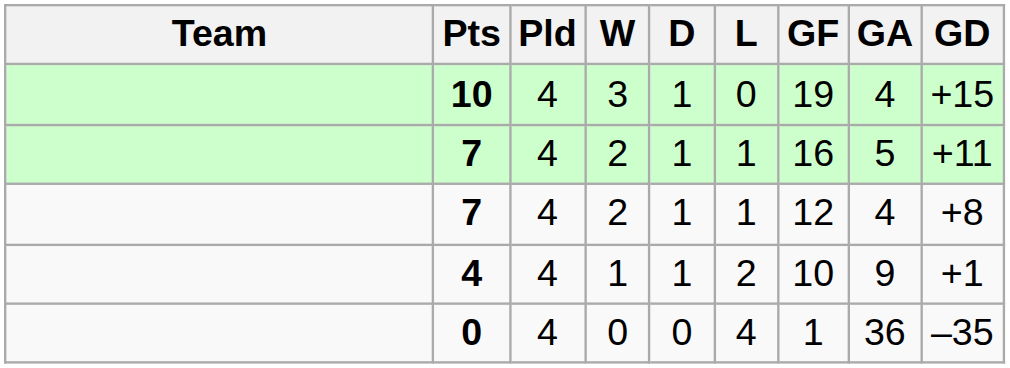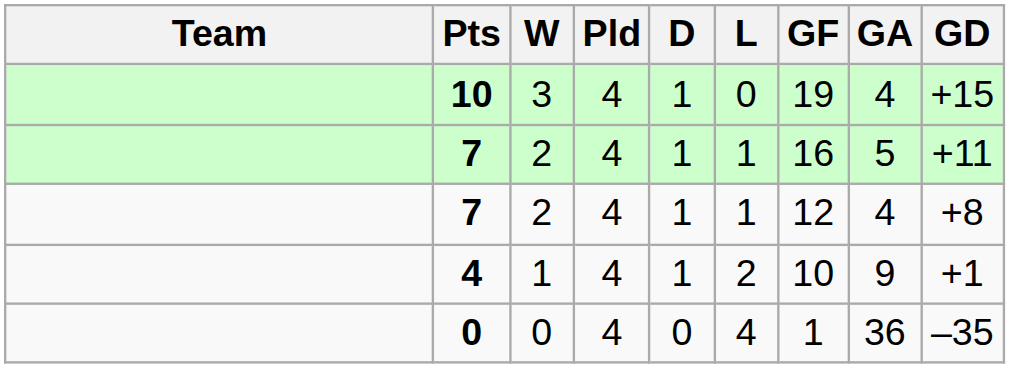 <table class=wikitable style="text-align:center">
 <tr>
 <th width=175>Team</th>
 <th width=20>Pts</th>
+<th width=20>W</th>
 <th width=20>Pld</th>
-<th width=20>W</th>
 <th width=20>D</th>
 <th width=20>L</th>
 <th width=20>GF</th>
 <th width=20>GA</th>
 <th width=20>GD</th>
 </tr>
 <tr style="background:#ccffcc">
 <td align=left></td>
 <td><strong>10</strong></td>
+<td>3</td>
 <td>4</td>
-<td>3</td>
 <td>1</td>
 <td>0</td>
 <td>19</td>
 <td>4</td>
 <td>+15</td>
 </tr>
 <tr style="background:#ccffcc">
 <td align=left></td>
 <td><strong>7</strong></td>
+<td>2</td>
 <td>4</td>
-<td>2</td>
 <td>1</td>
 <td>1</td>
 <td>16</td>
 <td>5</td>
 <td>+11</td>
 </tr>
 <tr>
 <td align=left></td>
 <td><strong>7</strong></td>
+<td>2</td>
 <td>4</td>
-<td>2</td>
 <td>1</td>
 <td>1</td>
 <td>12</td>
 <td>4</td>
 <td>+8</td>
 </tr>
 <tr>
 <td align=left></td>
 <td><strong>4</strong></td>
+<td>1</td>
 <td>4</td>
-<td>1</td>
 <td>1</td>
 <td>2</td>
 <td>10</td>
 <td>9</td>
 <td>+1</td>
 </tr>
 <tr>
 <td align=left></td>
 <td><strong>0</strong></td>
+<td>0</td>
 <td>4</td>
-<td>0</td>
 <td>0</td>
 <td>4</td>
 <td>1</td>
 <td>36</td>
 <td>–35</td>
 </tr>
 </table>
